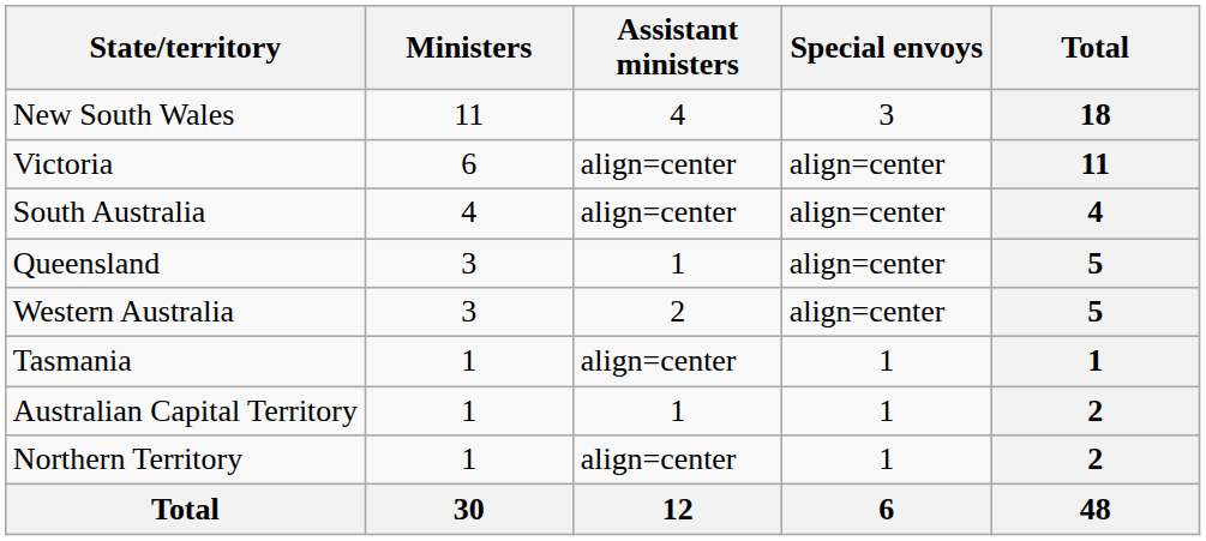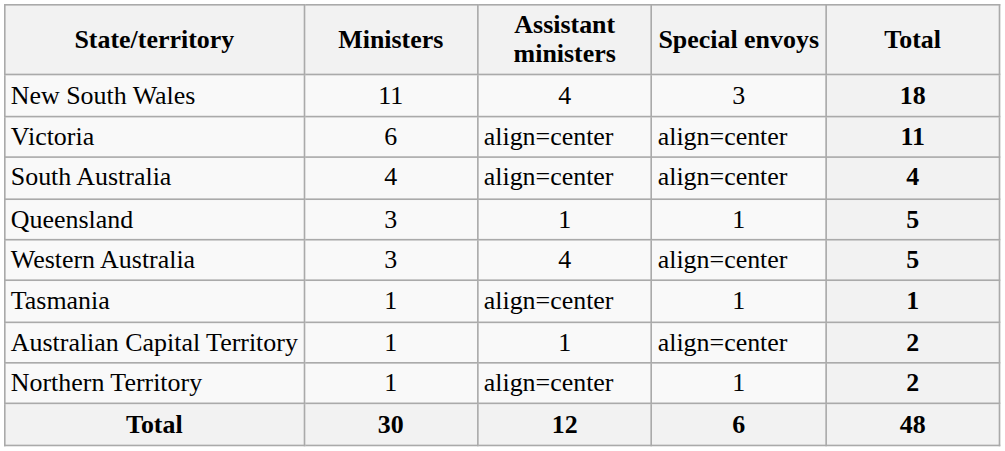 <table class="wikitable">
 <tr>
 <th>State/territory</th>
 <th width=100px>Ministers</th>
 <th width=100px>Assistant ministers</th>
 <th width=100px>Special envoys</th>
 <th width=100px>Total</th>
 </tr>
 <tr>
 <td align=left> New South Wales</td>
 <td align=center>11</td>
 <td align=center>4</td>
 <td align=center>3</td>
 <th>18</th>
 </tr>
 <tr>
 <td align=left> Victoria</td>
 <td align=center>6</td>
 <td>align=center </td>
 <td>align=center </td>
 <th>11</th>
 </tr>
 <tr>
 <td align=left> South Australia</td>
 <td align=center>4</td>
 <td>align=center </td>
 <td>align=center </td>
 <th>4</th>
 </tr>
 <tr>
 <td align=left> Queensland</td>
 <td align=center>3</td>
 <td align=center>1</td>
-<td>align=center </td>
+<td align=center>1</td>
 <th>5</th>
 </tr>
 <tr>
 <td align=left> Western Australia</td>
 <td align=center>3</td>
-<td align=center>2</td>
+<td align=center>4</td>
 <td>align=center </td>
 <th>5</th>
 </tr>
 <tr>
 <td align=left> Tasmania</td>
 <td align=center>1</td>
 <td>align=center </td>
 <td align=center>1</td>
 <th>1</th>
 </tr>
 <tr>
 <td align=left> Australian Capital Territory</td>
 <td align=center>1</td>
 <td align=center>1</td>
-<td align=center>1</td>
+<td>align=center </td>
 <th>2</th>
 </tr>
 <tr>
 <td align=left> Northern Territory</td>
 <td align=center>1</td>
 <td>align=center </td>
 <td align=center>1</td>
 <th>2</th>
 </tr>
 <tr>
 <th>Total</th>
 <th>30</th>
 <th>12</th>
 <th>6</th>
 <th>48</th>
 </tr>
 </table>
